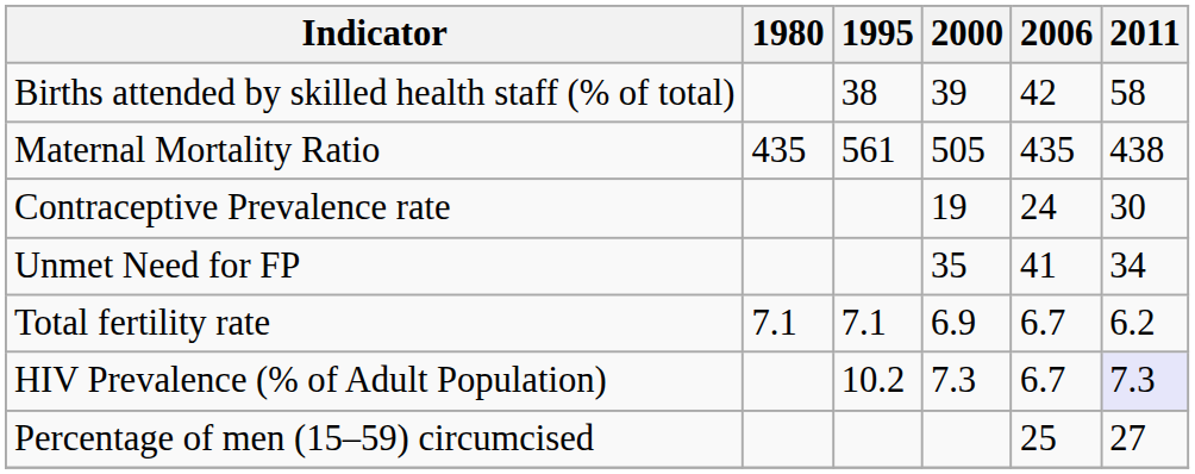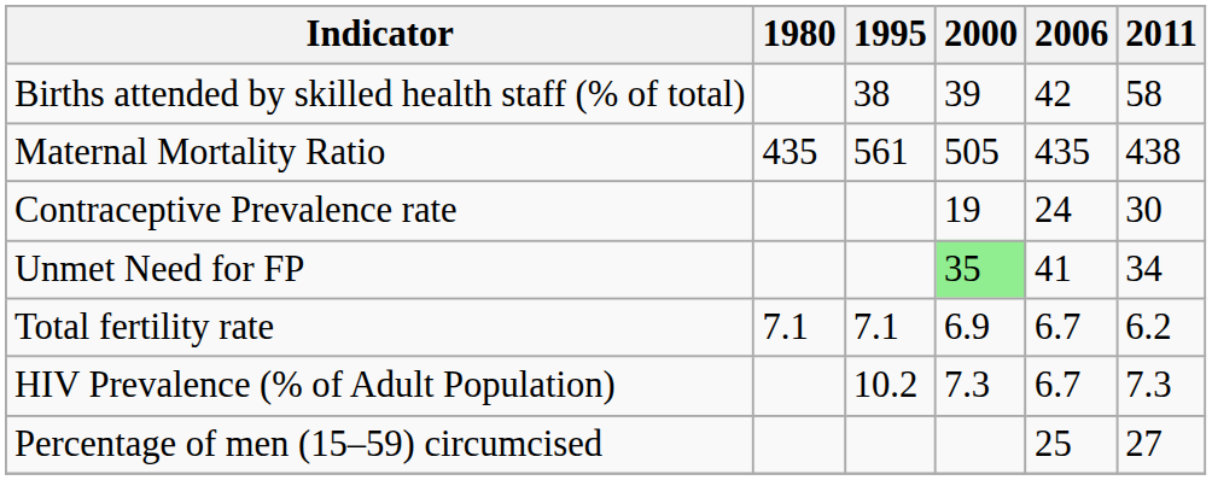 <table class="wikitable">
 <tr>
 <th>Indicator</th>
 <th>1980</th>
 <th>1995</th>
 <th>2000</th>
 <th>2006</th>
 <th>2011</th>
 </tr>
 <tr>
 <td>Births attended by skilled health staff (% of total)</td>
 <td></td>
 <td>38</td>
 <td>39</td>
 <td>42</td>
 <td>58</td>
 </tr>
 <tr>
 <td>Maternal Mortality Ratio</td>
 <td>435</td>
 <td>561</td>
 <td>505</td>
 <td>435</td>
 <td>438</td>
 </tr>
 <tr>
 <td>Contraceptive Prevalence rate</td>
 <td></td>
 <td></td>
 <td>19</td>
 <td>24</td>
 <td>30</td>
 </tr>
 <tr>
 <td>Unmet Need for FP</td>
 <td></td>
 <td></td>
-<td>35</td>
+<td style="background: lightgreen;">35</td>
 <td>41</td>
 <td>34</td>
 </tr>
 <tr>
 <td>Total fertility rate</td>
 <td>7.1</td>
 <td>7.1</td>
 <td>6.9</td>
 <td>6.7</td>
 <td>6.2</td>
 </tr>
 <tr>
 <td>HIV Prevalence (% of Adult Population)</td>
 <td></td>
 <td>10.2</td>
 <td>7.3</td>
 <td>6.7</td>
-<td style="background: lavender;">7.3</td>
+<td>7.3</td>
 </tr>
 <tr>
 <td>Percentage of men (15–59) circumcised</td>
 <td></td>
 <td></td>
 <td></td>
 <td>25</td>
 <td>27</td>
 </tr>
 <tr>
 </tr>
 </table>
